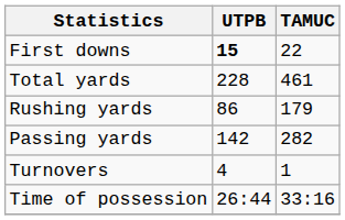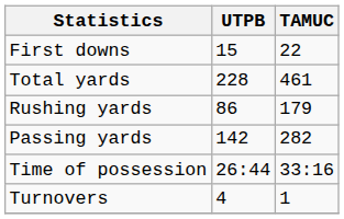 <table class="wikitable" style="float: left;">
 <tr>
 <th>Statistics</th>
 <th>UTPB</th>
 <th>TAMUC</th>
 </tr>
 <tr>
 <td>First downs</td>
-<td><strong>15</strong></td>
+<td>15</td>
 <td>22</td>
 </tr>
 <tr>
 <td>Total yards</td>
 <td>228</td>
 <td>461</td>
 </tr>
 <tr>
 <td>Rushing yards</td>
 <td>86</td>
 <td>179</td>
 </tr>
 <tr>
 <td>Passing yards</td>
 <td>142</td>
 <td>282</td>
 </tr>
 <tr>
+<td>Time of possession</td>
+<td>26:44</td>
+<td>33:16</td>
+</tr>
+<tr>
 <td>Turnovers</td>
 <td>4</td>
 <td>1</td>
 </tr>
 <tr>
-<td>Time of possession</td>
-<td>26:44</td>
-<td>33:16</td>
-</tr>
-<tr>
 </tr>
 </table>
